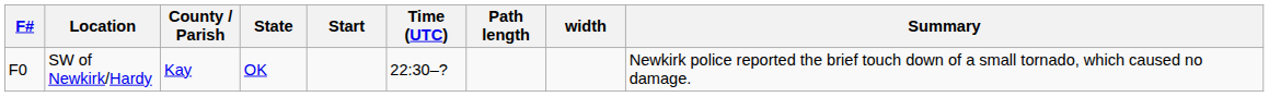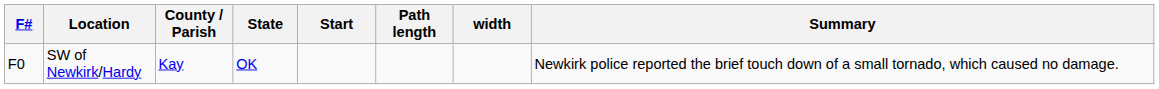 <table class="wikitable sortable" style="width:100%;">
 <tr>
 <th scope="col"  style="width:3%; text-align:center;"><a href='#'>F#</a></th>
 <th scope="col"  style="width:7%; text-align:center;" class="unsortable">Location</th>
 <th scope="col"  style="width:6%; text-align:center;" class="unsortable">County / Parish</th>
 <th scope="col"  style="width:5%; text-align:center;">State</th>
 <th scope="col"  style="width:6%; text-align:center;">Start<br></th>
-<th scope="col"  style="width:6%; text-align:center;">Time (<a href='#'>UTC</a>)</th>
 <th scope="col"  style="width:6%; text-align:center;">Path length</th>
 <th scope="col"  style="width:6%; text-align:center;"> width</th>
 <th scope="col" class="unsortable" style="width:48%; text-align:center;">Summary</th>
 </tr>
 <tr>
 <td>F0</td>
 <td>SW of <a href='#'>Newkirk</a>/<a href='#'>Hardy</a></td>
 <td><a href='#'>Kay</a></td>
 <td><a href='#'>OK</a></td>
 <td></td>
-<td>22:30–?</td>
 <td></td>
 <td></td>
 <td>Newkirk police reported the brief touch down of a small tornado, which caused no damage.</td>
 </tr>
 </table>
